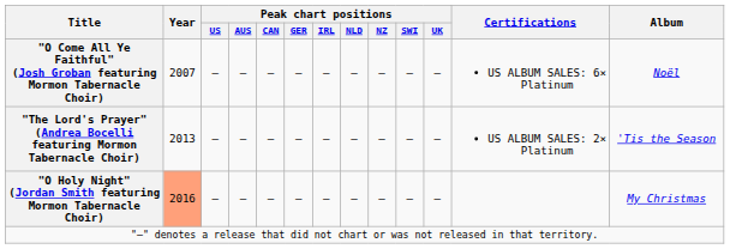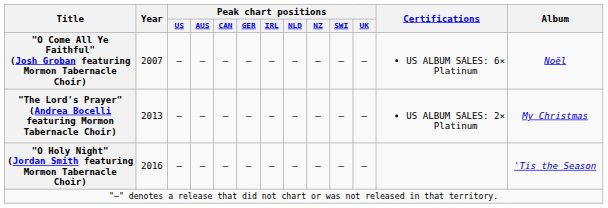 <table class="wikitable plainrowheaders" style="text-align: center;">
 <tr>
 <th scope="col" rowspan="2" style="width:14em;">Title</th>
 <th scope="col" rowspan="2" style="width:3em;">Year</th>
 <th scope="col" colspan="9">Peak chart positions</th>
 <th scope="col" rowspan="2" style="width:14em;"><a href='#'>Certifications</a></th>
 <th scope="col" rowspan="2" style="width:10em;">Album</th>
 </tr>
 <tr>
 <th scope="col" style="width:2.5em; font-size:85%;"><a href='#'>US</a><br></th>
 <th scope="col" style="width:2.5em; font-size:85%;"><a href='#'>AUS</a><br></th>
 <th scope="col" style="width:2.5em; font-size:85%;"><a href='#'>CAN</a><br></th>
 <th scope="col" style="width:2.5em; font-size:85%;"><a href='#'>GER</a><br></th>
 <th scope="col" style="width:2.5em; font-size:85%;"><a href='#'>IRL</a><br></th>
 <th scope="col" style="width:2.5em; font-size:85%;"><a href='#'>NLD</a><br></th>
 <th scope="col" style="width:2.5em; font-size:85%;"><a href='#'>NZ</a><br></th>
 <th scope="col" style="width:2.5em; font-size:85%;"><a href='#'>SWI</a><br></th>
 <th scope="col" style="width:2.5em; font-size:85%;"><a href='#'>UK</a><br></th>
 </tr>
 <tr>
 <th scope="row">"O Come All Ye Faithful"<br><span>(<a href='#'>Josh Groban</a> featuring Mormon Tabernacle Choir)</span></th>
 <td rowspan="1">2007</td>
 <td>—</td>
 <td>—</td>
 <td>—</td>
 <td>—</td>
 <td>—</td>
 <td>—</td>
 <td>—</td>
 <td>—</td>
 <td>—</td>
 <td><br><ul><li>US ALBUM SALES: 6× Platinum</li></ul></td>
 <td rowspan="1"><em><a href='#'>Noël</a></em></td>
 </tr>
 <tr>
 <th scope="row">"The Lord's Prayer"<br><span>(<a href='#'>Andrea Bocelli</a> featuring Mormon Tabernacle Choir)</span></th>
 <td rowspan="1">2013</td>
 <td>—</td>
 <td>—</td>
 <td>—</td>
 <td>—</td>
 <td>—</td>
 <td>—</td>
 <td>—</td>
 <td>—</td>
 <td>—</td>
 <td><br><ul><li>US ALBUM SALES: 2× Platinum</li></ul></td>
-<td rowspan="1"><em><a href='#'>'Tis the Season</a></em></td>
+<td rowspan="1"><em><a href='#'>My Christmas</a></em></td>
 </tr>
 <tr>
 <th scope="row">"O Holy Night"<br><span>(<a href='#'>Jordan Smith</a> featuring Mormon Tabernacle Choir)</span></th>
-<td rowspan="1" style="background: lightsalmon;">2016</td>
+<td rowspan="1">2016</td>
 <td>—</td>
 <td>—</td>
 <td>—</td>
 <td>—</td>
 <td>—</td>
 <td>—</td>
 <td>—</td>
 <td>—</td>
 <td>—</td>
 <td></td>
-<td rowspan="1"><em><a href='#'>My Christmas</a></em></td>
+<td rowspan="1"><em><a href='#'>'Tis the Season</a></em></td>
 </tr>
 <tr>
 <td colspan="14" style="text-align:center; font-size:90%;">"—" denotes a release that did not chart or was not released in that territory.</td>
 </tr>
 </table>
